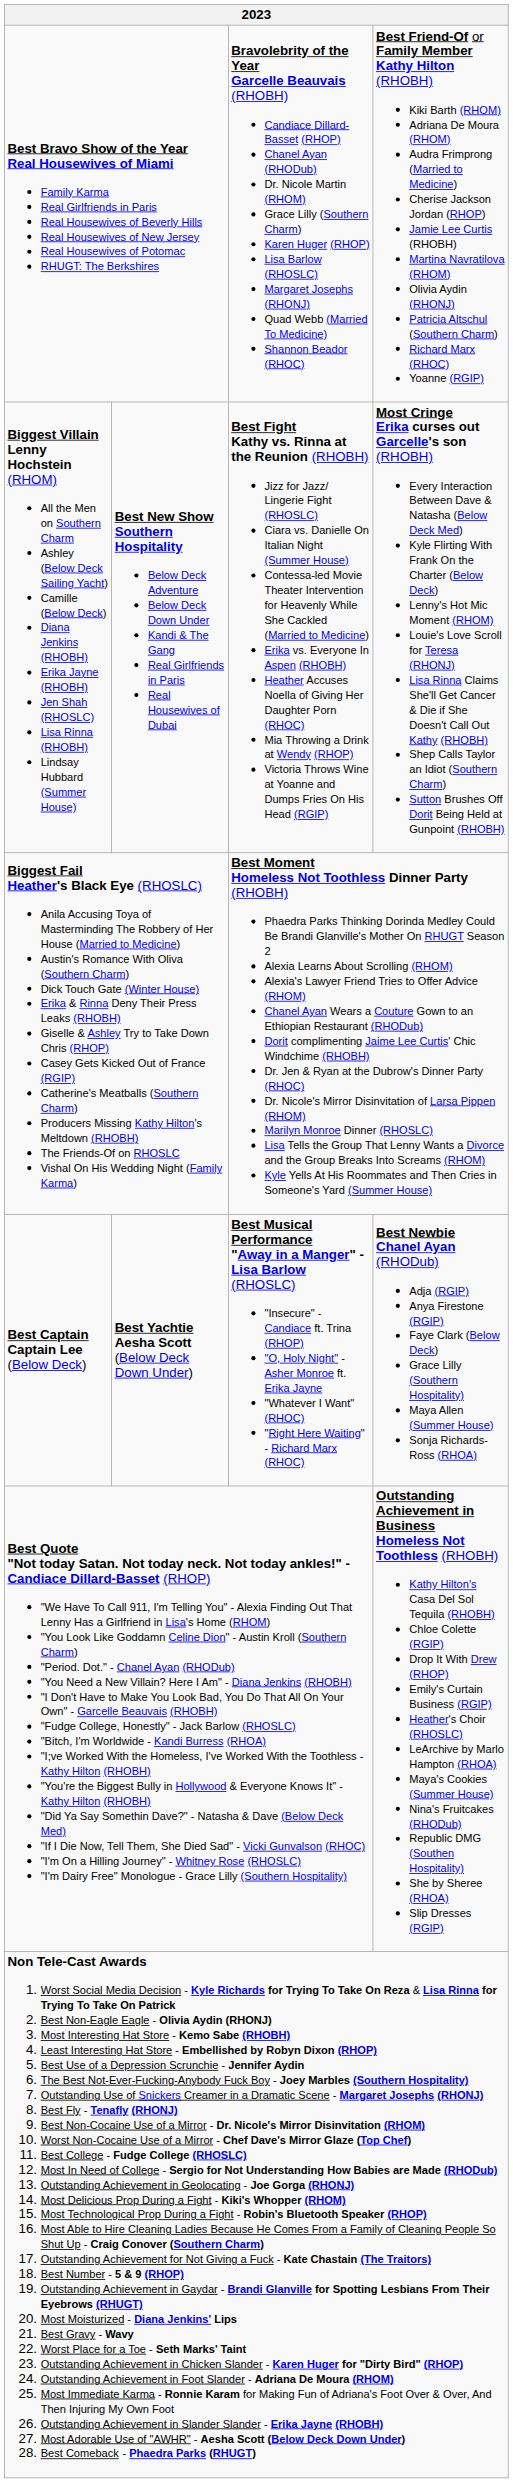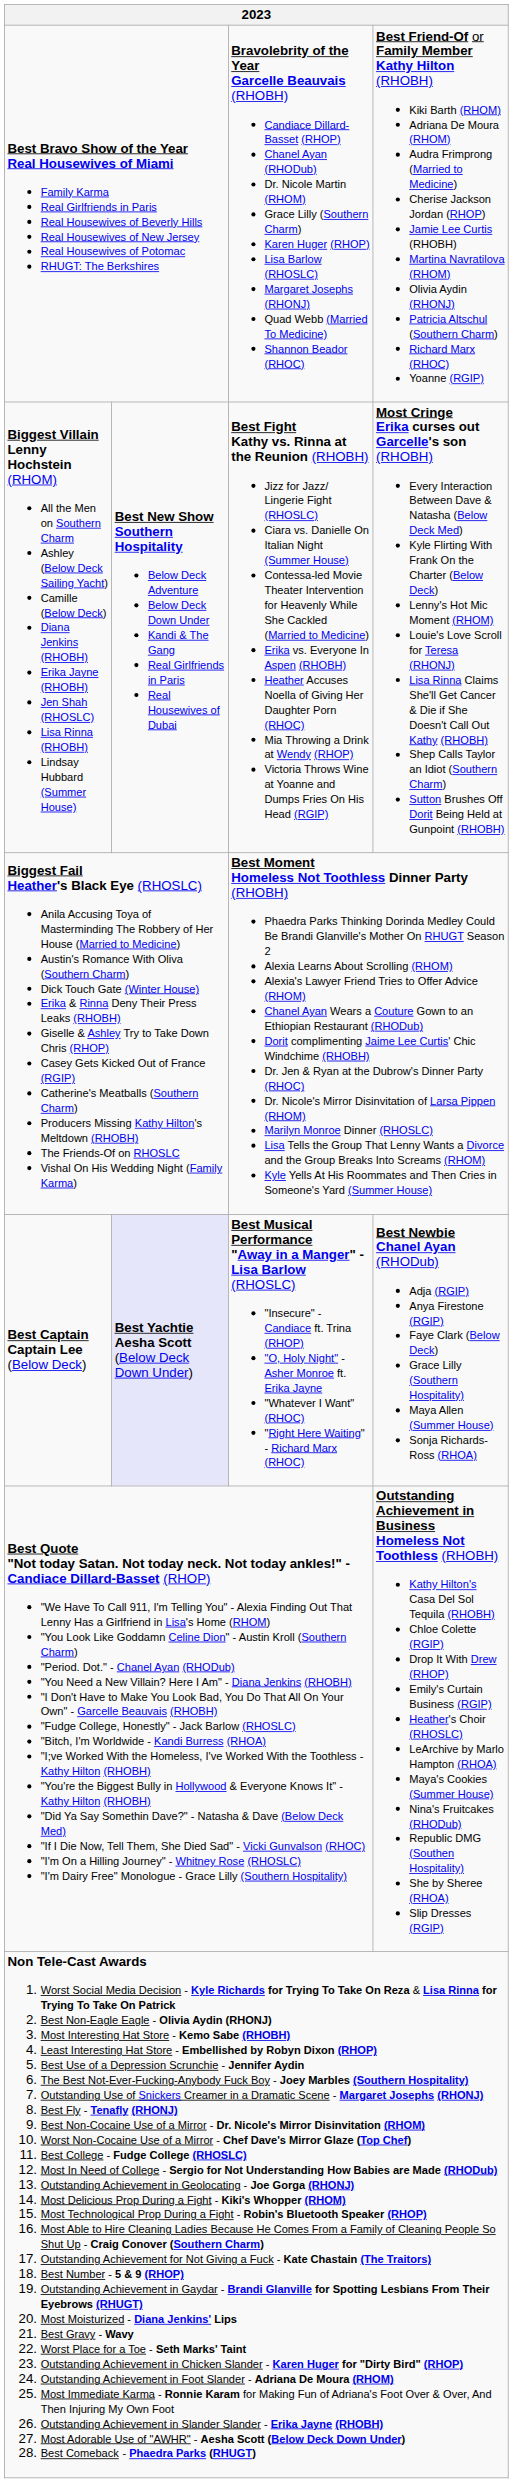 <table class="wikitable mw-collapsible mw-collapsed">
 <tr>
 <th colspan="4">2023</th>
 </tr>
 <tr>
 <td colspan="2"><strong><u>Best Bravo Show of the Year</u></strong><br><strong><a href='#'>Real Housewives of Miami</a></strong><ul><li><a href='#'><small>Family Karma</small></a></li><li><a href='#'><small>Real Girlfriends in Paris</small></a></li><li><a href='#'><small>Real Housewives of Beverly Hills</small></a></li><li><a href='#'><small>Real Housewives of New Jersey</small></a></li><li><a href='#'><small>Real Housewives of Potomac</small></a></li><li><a href='#'><small>RHUGT: The Berkshires</small></a></li></ul></td>
 <td><strong><u>Bravolebrity of the Year</u></strong><br><strong><a href='#'>Garcelle Beauvais</a></strong> <a href='#'>(RHOBH)</a><ul><li><small><a href='#'>Candiace Dillard-Basset</a> <a href='#'>(RHOP)</a></small></li><li><small><a href='#'>Chanel Ayan</a> <a href='#'>(RHODub)</a></small></li><li><small>Dr. Nicole Martin <a href='#'>(RHOM)</a></small></li><li><small>Grace Lilly (<a href='#'>Southern Charm</a>)</small></li><li><small><a href='#'>Karen Huger</a> <a href='#'>(RHOP)</a></small></li><li><small><a href='#'>Lisa Barlow</a> <a href='#'>(RHOSLC)</a></small></li><li><small><a href='#'>Margaret Josephs</a> <a href='#'>(RHONJ)</a></small></li><li><small>Quad Webb <a href='#'>(Married To Medicine)</a></small></li><li><small><a href='#'>Shannon Beador</a> <a href='#'>(RHOC)</a></small></li></ul></td>
 <td><strong><u>Best Friend-Of</u></strong> <u>or <strong>Family Member</strong></u><br><strong><a href='#'>Kathy Hilton</a></strong> <a href='#'>(RHOBH)</a><ul><li><small>Kiki Barth <a href='#'>(RHOM)</a></small></li><li><small>Adriana De Moura <a href='#'>(RHOM)</a></small></li><li><small>Audra Frimprong (<a href='#'>Married to Medicine</a>)</small></li><li><small>Cherise Jackson Jordan (<a href='#'>RHOP</a>)</small></li><li><small><a href='#'>Jamie Lee Curtis</a> (RHOBH)</small></li><li><small><a href='#'>Martina Navratilova</a> <a href='#'>(RHOM)</a></small></li><li><small>Olivia Aydin <a href='#'>(RHONJ)</a></small></li><li><small><a href='#'>Patricia Altschul</a> (<a href='#'>Southern Charm</a>)</small></li><li><small><a href='#'>Richard Marx</a> <a href='#'>(RHOC)</a></small></li><li><small>Yoanne <a href='#'>(RGIP)</a></small></li></ul></td>
 </tr>
 <tr>
 <td><strong><u>Biggest Villain</u></strong><br><strong>Lenny Hochstein</strong> <a href='#'>(RHOM)</a><ul><li><small>All the Men on <a href='#'>Southern Charm</a></small></li><li><small>Ashley (<a href='#'>Below Deck Sailing Yacht</a>)</small></li><li><small>Camille (<a href='#'>Below Deck</a>)</small></li><li><small><a href='#'>Diana Jenkins</a> <a href='#'>(RHOBH)</a></small></li><li><small><a href='#'>Erika Jayne</a> <a href='#'>(RHOBH)</a></small></li><li><small><a href='#'>Jen Shah</a> <a href='#'>(RHOSLC)</a></small></li><li><small><a href='#'>Lisa Rinna</a> <a href='#'>(RHOBH)</a></small></li><li><small>Lindsay Hubbard <a href='#'>(Summer House)</a></small></li></ul></td>
 <td><strong><u>Best New Show</u></strong><br><a href='#'><strong>Southern Hospitality</strong></a><ul><li><small><a href='#'>Below Deck Adventure</a></small></li><li><small><a href='#'>Below Deck Down Under</a></small></li><li><small><a href='#'>Kandi & The Gang</a></small></li><li><small><a href='#'>Real Girlfriends in Paris</a></small></li><li><small><a href='#'>Real Housewives of Dubai</a></small></li></ul></td>
 <td><strong><u>Best Fight</u></strong><br><strong>Kathy vs. Rinna at the Reunion</strong> <a href='#'>(RHOBH)</a><ul><li><small>Jizz for Jazz/ Lingerie Fight <a href='#'>(RHOSLC)</a></small></li><li><small>Ciara vs. Danielle On Italian Night <a href='#'>(Summer House)</a></small></li><li><small>Contessa-led Movie Theater Intervention for Heavenly While She Cackled (<a href='#'>Married to Medicine</a>)</small></li><li><small><a href='#'>Erika</a> vs. Everyone In <a href='#'>Aspen</a> <a href='#'>(RHOBH)</a></small></li><li><small><a href='#'>Heather</a> Accuses Noella of Giving Her Daughter Porn <a href='#'>(RHOC)</a></small></li><li><small>Mia Throwing a Drink at <a href='#'>Wendy</a> <a href='#'>(RHOP)</a></small></li><li><small>Victoria Throws Wine at Yoanne and Dumps Fries On His Head <a href='#'>(RGIP)</a></small></li></ul></td>
 <td><strong><u>Most Cringe</u></strong><br><strong><a href='#'>Erika</a> curses out <a href='#'>Garcelle</a>'s son</strong> <a href='#'>(RHOBH)</a><ul><li><small>Every Interaction Between Dave & Natasha (<a href='#'>Below Deck Med</a>)</small></li><li><small>Kyle Flirting With Frank On the Charter (<a href='#'>Below Deck</a>)</small></li><li><small>Lenny's Hot Mic Moment <a href='#'>(RHOM)</a></small></li><li><small>Louie's Love Scroll for <a href='#'>Teresa</a> <a href='#'>(RHONJ)</a></small></li><li><small><a href='#'>Lisa Rinna</a> Claims She'll Get Cancer & Die if She Doesn't Call Out <a href='#'>Kathy</a> <a href='#'>(RHOBH)</a></small></li><li><small>Shep Calls Taylor an Idiot (<a href='#'>Southern Charm</a>)</small></li><li><small><a href='#'>Sutton</a> Brushes Off <a href='#'>Dorit</a> Being Held at Gunpoint <a href='#'>(RHOBH)</a></small></li></ul></td>
 </tr>
 <tr>
 <td colspan="2"><strong><u>Biggest Fail</u></strong><br><strong><a href='#'>Heather</a>'s Black Eye</strong> <a href='#'>(RHOSLC)</a><ul><li><small>Anila Accusing Toya of Masterminding The Robbery of Her House (<a href='#'>Married to Medicine</a>)</small></li><li><small>Austin's Romance With Oliva (<a href='#'>Southern Charm</a>)</small></li><li><small>Dick Touch Gate <a href='#'>(Winter House)</a></small></li><li><small><a href='#'>Erika</a> & <a href='#'>Rinna</a> Deny Their Press Leaks <a href='#'>(RHOBH)</a></small></li><li><small>Giselle & <a href='#'>Ashley</a> Try to Take Down Chris <a href='#'>(RHOP)</a></small></li><li><small>Casey Gets Kicked Out of France <a href='#'>(RGIP)</a></small></li><li><small>Catherine's Meatballs (<a href='#'>Southern Charm</a>)</small></li><li><small>Producers Missing <a href='#'>Kathy Hilton</a>'s Meltdown <a href='#'>(RHOBH)</a></small></li><li><small>The Friends-Of on <a href='#'>RHOSLC</a></small></li><li><small>Vishal On His Wedding Night (<a href='#'>Family Karma</a>)</small></li></ul></td>
 <td colspan="2"><strong><u>Best Moment</u></strong><br><strong><a href='#'>Homeless Not Toothless</a> Dinner Party</strong> <a href='#'>(RHOBH)</a><ul><li><small>Phaedra Parks Thinking Dorinda Medley Could Be Brandi Glanville's Mother On <a href='#'>RHUGT</a> Season 2</small></li><li><small>Alexia Learns About Scrolling <a href='#'>(RHOM)</a></small></li><li><small>Alexia's Lawyer Friend Tries to Offer Advice <a href='#'>(RHOM)</a></small></li><li><small><a href='#'>Chanel Ayan</a> Wears a <a href='#'>Couture</a> Gown to an Ethiopian Restaurant <a href='#'>(RHODub)</a></small></li><li><small><a href='#'>Dorit</a> complimenting <a href='#'>Jaime Lee Curtis</a>' Chic Windchime <a href='#'>(RHOBH)</a></small></li><li><small>Dr. Jen & Ryan at the Dubrow's Dinner Party <a href='#'>(RHOC)</a></small></li><li><small>Dr. Nicole's Mirror Disinvitation of <a href='#'>Larsa Pippen</a> <a href='#'>(RHOM)</a></small></li><li><small><a href='#'>Marilyn Monroe</a> Dinner <a href='#'>(RHOSLC)</a></small></li><li><small><a href='#'>Lisa</a> Tells the Group That Lenny Wants a <a href='#'>Divorce</a> and the Group Breaks Into Screams <a href='#'>(RHOM)</a></small></li><li><small><a href='#'>Kyle</a> Yells At His Roommates and Then Cries in Someone's Yard <a href='#'>(Summer House)</a></small></li></ul></td>
 </tr>
 <tr>
 <td><strong><u>Best Captain</u></strong><br><strong>Captain Lee</strong> (<a href='#'>Below Deck</a>)</td>
-<td><strong><u>Best Yachtie</u></strong><br><strong>Aesha Scott</strong> (<a href='#'>Below Deck Down Under</a>)</td>
+<td style="background: lavender;"><strong><u>Best Yachtie</u></strong><br><strong>Aesha Scott</strong> (<a href='#'>Below Deck Down Under</a>)</td>
 <td><strong><u>Best Musical Performance</u></strong><br><strong>"<a href='#'>Away in a Manger</a>" - <a href='#'>Lisa Barlow</a></strong> <a href='#'>(RHOSLC)</a><ul><li><small>"Insecure" - <a href='#'>Candiace</a> ft. Trina <a href='#'>(RHOP)</a></small></li><li><small><a href='#'>"O, Holy Night"</a> - <a href='#'>Asher Monroe</a> ft. <a href='#'>Erika Jayne</a></small></li><li><small>"Whatever I Want" <a href='#'>(RHOC)</a></small></li><li><small>"<a href='#'>Right Here Waiting</a>" - <a href='#'>Richard Marx</a> <a href='#'>(RHOC)</a></small></li></ul></td>
 <td><strong><u>Best Newbie</u></strong><br><strong><a href='#'>Chanel Ayan</a></strong> <a href='#'>(RHODub)</a><ul><li><small>Adja <a href='#'>(RGIP)</a></small></li><li><small>Anya Firestone <a href='#'>(RGIP)</a></small></li><li><small>Faye Clark (<a href='#'>Below Deck</a>)</small></li><li><small>Grace Lilly <a href='#'>(Southern Hospitality)</a></small></li><li><small>Maya Allen <a href='#'>(Summer House)</a></small></li><li><small>Sonja Richards-Ross <a href='#'>(RHOA)</a></small></li></ul></td>
 </tr>
 <tr>
 <td colspan="3"><strong><u>Best Quote</u></strong><br><strong>"Not today Satan. Not today neck. Not today ankles!" - <a href='#'>Candiace Dillard-Basset</a></strong> <a href='#'>(RHOP)</a><ul><li><small>"We Have To Call 911, I'm Telling You" - Alexia Finding Out That Lenny Has a Girlfriend in <a href='#'>Lisa</a>'s Home (<a href='#'>RHOM</a>)</small></li><li><small>"You Look Like Goddamn <a href='#'>Celine Dion</a>" - Austin Kroll (<a href='#'>Southern Charm</a>)</small></li><li><small>"Period. Dot." - <a href='#'>Chanel Ayan</a> <a href='#'>(RHODub)</a></small></li><li><small>"You Need a New Villain? Here I Am" - <a href='#'>Diana Jenkins</a> <a href='#'>(RHOBH)</a></small></li><li><small>"I Don't Have to Make You Look Bad, You Do That All On Your Own" - <a href='#'>Garcelle Beauvais</a> <a href='#'>(RHOBH)</a></small></li><li><small>"Fudge College, Honestly" - Jack Barlow <a href='#'>(RHOSLC)</a></small></li><li><small>"Bitch, I'm Worldwide - <a href='#'>Kandi Burress</a> <a href='#'>(RHOA)</a></small></li><li><small>"I;ve Worked With the Homeless, I've Worked With the Toothless - <a href='#'>Kathy Hilton</a> <a href='#'>(RHOBH)</a></small></li><li><small>"You're the Biggest Bully in <a href='#'>Hollywood</a> & Everyone Knows It" - <a href='#'>Kathy Hilton</a> <a href='#'>(RHOBH)</a></small></li><li><small>"Did Ya Say Somethin Dave?" - Natasha & Dave <a href='#'>(Below Deck Med)</a></small></li><li><small>"If I Die Now, Tell Them, She Died Sad" - <a href='#'>Vicki Gunvalson</a> <a href='#'>(RHOC)</a></small></li><li><small>"I'm On a Hilling Journey" - <a href='#'>Whitney Rose</a> <a href='#'>(RHOSLC)</a></small></li><li><small>"I'm Dairy Free" Monologue - Grace Lilly <a href='#'>(Southern Hospitality)</a></small></li></ul></td>
 <td><strong><u>Outstanding Achievement in Business</u></strong><br><strong><a href='#'>Homeless Not Toothless</a></strong> <a href='#'>(RHOBH)</a><ul><li><small><a href='#'>Kathy Hilton's</a> Casa Del Sol Tequila <a href='#'>(RHOBH)</a></small></li><li><small>Chloe Colette <a href='#'>(RGIP)</a></small></li><li><small>Drop It With <a href='#'>Drew</a> <a href='#'>(RHOP)</a></small></li><li><small>Emily's Curtain Business <a href='#'>(RGIP)</a></small></li><li><small><a href='#'>Heather</a>'s Choir <a href='#'>(RHOSLC)</a></small></li><li><small>LeArchive by Marlo Hampton <a href='#'>(RHOA)</a></small></li><li><small>Maya's Cookies <a href='#'>(Summer House)</a></small></li><li><small>Nina's Fruitcakes <a href='#'>(RHODub)</a></small></li><li><small>Republic DMG <a href='#'>(Southen Hospitality)</a></small></li><li><small>She by Sheree <a href='#'>(RHOA)</a></small></li><li><small>Slip Dresses <a href='#'>(RGIP)</a></small></li></ul></td>
 </tr>
 <tr>
 <td colspan="4"><strong>Non Tele-Cast Awards</strong><br><ol><li><small><u>Worst Social Media Decision</u> - <strong><a href='#'>Kyle Richards</a> for Trying To Take On Reza</strong> & <strong><a href='#'>Lisa Rinna</a> for Trying To Take On Patrick</strong></small></li><li><small><u>Best Non-Eagle Eagle</u> - <strong>Olivia Aydin (RHONJ)</strong></small></li><li><small><u>Most Interesting Hat Store</u> - <strong>Kemo Sabe <a href='#'>(RHOBH)</a></strong></small></li><li><small><u>Least Interesting Hat Store</u> - <strong>Embellished by Robyn Dixon <a href='#'>(RHOP)</a></strong></small></li><li><small><u>Best Use of a Depression Scrunchie</u> - <strong>Jennifer Aydin</strong></small></li><li><small><u>The Best Not-Ever-Fucking-Anybody Fuck Boy</u> - <strong>Joey Marbles <a href='#'>(Southern Hospitality)</a></strong></small></li><li><small><u>Outstanding Use of <a href='#'>Snickers</a> Creamer in a Dramatic Scene</u> - <strong><a href='#'>Margaret Josephs</a></strong> <a href='#'><strong>(RHONJ)</strong></a></small></li><li><small><u>Best Fly</u> - <strong><a href='#'>Tenafly</a> <a href='#'>(RHONJ)</a></strong></small></li><li><small><u>Best Non-Cocaine Use of a Mirror</u> - <strong>Dr. Nicole's Mirror Disinvitation <a href='#'>(RHOM)</a></strong></small></li><li><small><u>Worst Non-Cocaine Use of a Mirror</u> - <strong>Chef Dave's Mirror Glaze (<a href='#'>Top Chef</a>)</strong></small></li><li><small><u>Best College</u> - <strong>Fudge College <a href='#'>(RHOSLC)</a></strong></small></li><li><small><u>Most In Need of College</u> - <strong>Sergio for Not Understanding How Babies are Made <a href='#'>(RHODub)</a></strong></small></li><li><small><u>Outstanding Achievement in Geolocating</u> - <strong>Joe Gorga <a href='#'>(RHONJ)</a></strong></small></li><li><small><u>Most Delicious Prop During a Fight</u> - <strong>Kiki's Whopper <a href='#'>(RHOM)</a></strong></small></li><li><small><u>Most Technological Prop During a Fight</u> - <strong>Robin's Bluetooth Speaker <a href='#'>(RHOP)</a></strong></small></li><li><small><u>Most Able to Hire Cleaning Ladies Because He Comes From a Family of Cleaning People So Shut Up</u> - <strong>Craig Conover (<a href='#'>Southern Charm</a>)</strong></small></li><li><small><u>Outstanding Achievement for Not Giving a Fuck</u> - <strong>Kate Chastain <a href='#'>(The Traitors)</a></strong></small></li><li><small><u>Best Number</u> - <strong>5 & 9 <a href='#'>(RHOP)</a></strong></small></li><li><small><u>Outstanding Achievement in Gaydar</u> - <strong><a href='#'>Brandi Glanville</a> for Spotting Lesbians From Their Eyebrows <a href='#'>(RHUGT)</a></strong></small></li><li><small><u>Most Moisturized</u> - <strong><a href='#'>Diana Jenkins'</a> Lips</strong></small></li><li><small><u>Best Gravy</u> - <strong>Wavy</strong></small></li><li><small><u>Worst Place for a Toe</u> - <strong>Seth Marks' Taint</strong></small></li><li><small><u>Outstanding Achievement in Chicken Slander</u> - <strong><a href='#'>Karen Huger</a> for "Dirty Bird" <a href='#'>(RHOP)</a></strong></small></li><li><small><u>Outstanding Achievement in Foot Slander</u> - <strong>Adriana De Moura <a href='#'>(RHOM)</a></strong></small></li><li><small><u>Most Immediate Karma</u> - <strong>Ronnie Karam</strong> for Making Fun of Adriana's Foot Over & Over, And Then Injuring My Own Foot</small></li><li><small><u>Outstanding Achievement in Slander Slander</u> - <strong><a href='#'>Erika Jayne</a> <a href='#'>(RHOBH)</a></strong></small></li><li><small><u>Most Adorable Use of "AWHR"</u> - <strong>Aesha Scott (<a href='#'>Below Deck Down Under</a>)</strong></small></li><li><u><small>Best Comeback</small></u> <small>- <strong><a href='#'>Phaedra Parks</a> (<a href='#'>RHUGT</a>)</strong></small></li></ol></td>
 </tr>
 </table>
